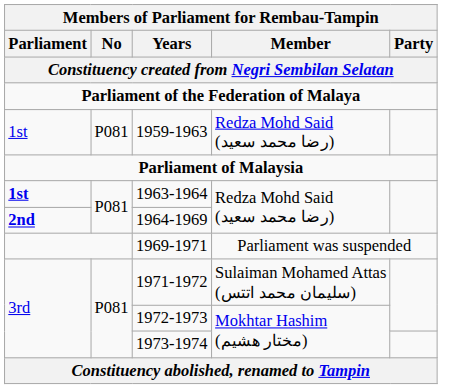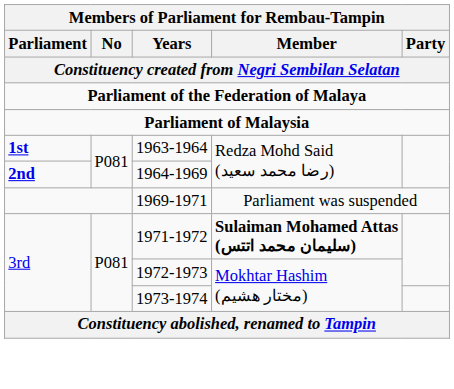 <table class=wikitable>
 <tr>
 <th colspan="5">Members of Parliament for Rembau-Tampin</th>
 </tr>
 <tr>
 <th>Parliament</th>
 <th>No</th>
 <th>Years</th>
 <th>Member</th>
 <th>Party</th>
 </tr>
 <tr>
 <th colspan="5" align="center"><em>Constituency created from <a href='#'>Negri Sembilan Selatan</a></em></th>
 </tr>
 <tr>
 <td colspan="5" align="center"><strong>Parliament of the Federation of Malaya</strong></td>
-</tr>
-<tr>
-<td><a href='#'>1st</a></td>
-<td>P081</td>
-<td>1959-1963</td>
-<td><a href='#'>Redza Mohd Said</a> <br> (رضا محمد سعيد)</td>
-<td></td>
 </tr>
 <tr>
 <td colspan="5" align="center"><strong>Parliament of Malaysia</strong></td>
 </tr>
 <tr>
 <td><strong><a href='#'>1st</a></strong></td>
 <td rowspan="2">P081</td>
 <td>1963-1964</td>
 <td rowspan=2>Redza Mohd Said <br> (رضا محمد سعيد)</td>
 <td rowspan=2></td>
 </tr>
 <tr>
 <td><strong><a href='#'>2nd</a></strong></td>
 <td>1964-1969</td>
 </tr>
 <tr>
 <td colspan="2"></td>
 <td>1969-1971</td>
 <td colspan=2 align=center>Parliament was suspended</td>
 </tr>
 <tr>
 <td rowspan=3><a href='#'>3rd</a></td>
 <td rowspan="3">P081</td>
 <td>1971-1972</td>
-<td>Sulaiman Mohamed Attas <br> (سليمان محمد اتتس)</td>
+<td><strong>Sulaiman Mohamed Attas <br> (سليمان محمد اتتس)</strong></td>
 <td rowspan="2"></td>
 </tr>
 <tr>
 <td>1972-1973</td>
 <td rowspan=2><a href='#'>Mokhtar Hashim</a> <br> (مختار هشيم)</td>
 </tr>
 <tr>
 <td>1973-1974</td>
 <td></td>
 </tr>
 <tr>
 <th colspan="5" align="center"><em>Constituency abolished, renamed to <a href='#'>Tampin</a></em></th>
 </tr>
 </table>
